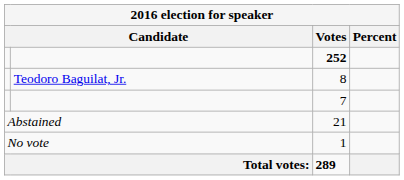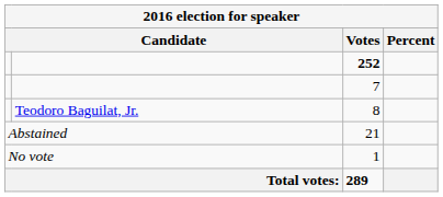 <table class="wikitable">
 <tr>
 <th colspan=4 style="background:#f5f5f5">2016 election for speaker </th>
 </tr>
 <tr>
 <th colspan=2>Candidate</th>
 <th>Votes</th>
 <th>Percent</th>
 </tr>
 <tr>
 <td style="background-color: "></td>
 <td style="width: 22em;"></td>
 <td style="text-align:right"><strong>252</strong></td>
 <td style="text-align:right"><strong></strong></td>
 </tr>
 <tr>
 <td style="background-color: "></td>
-<td {{nowrap><a href='#'>Teodoro Baguilat, Jr.</a> </td>
-<td style="text-align:right">8</td>
+<td></td>
+<td style="text-align:right">7</td>
 <td style="text-align:right"></td>
 </tr>
 <tr>
 <td style="background-color: "></td>
-<td></td>
-<td style="text-align:right">7</td>
+<td {{nowrap><a href='#'>Teodoro Baguilat, Jr.</a> </td>
+<td style="text-align:right">8</td>
 <td style="text-align:right"></td>
 </tr>
 <tr>
 <td colspan=2><em>Abstained</em></td>
 <td style="text-align:right">21</td>
 <td style="text-align:right"></td>
 </tr>
 <tr>
 <td colspan=2><em>No vote</em></td>
 <td style="text-align:right">1</td>
 <td style="text-align:right"></td>
 </tr>
 <tr>
 <th colspan=2 style="text-align:right">Total votes:</th>
 <td><strong>289</strong></td>
 <th></th>
 </tr>
 </table>
